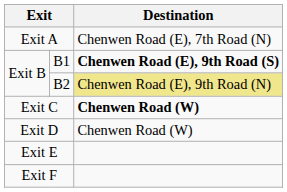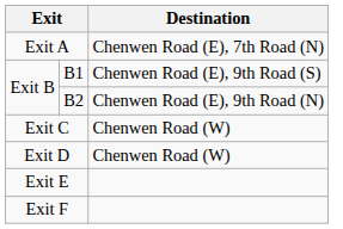 <table class="wikitable">
 <tr>
 <th style="width:70px" colspan="2">Exit</th>
 <th>Destination</th>
 </tr>
 <tr>
 <td align="center" colspan="2">Exit A</td>
 <td>Chenwen Road (E), 7th Road (N)</td>
 </tr>
 <tr>
 <td align="center" rowspan="2">Exit B</td>
 <td>B1</td>
-<td><strong>Chenwen Road (E), 9th Road (S)</strong></td>
+<td>Chenwen Road (E), 9th Road (S)</td>
 </tr>
 <tr>
 <td>B2</td>
-<td style="background: khaki;">Chenwen Road (E), 9th Road (N)</td>
+<td>Chenwen Road (E), 9th Road (N)</td>
 </tr>
 <tr>
 <td align="center" colspan="2">Exit C</td>
-<td><strong>Chenwen Road (W)</strong></td>
+<td>Chenwen Road (W)</td>
 </tr>
 <tr>
 <td align="center" colspan="2">Exit D</td>
 <td>Chenwen Road (W)</td>
 </tr>
 <tr>
 <td align="center" colspan="2">Exit E</td>
 <td></td>
 </tr>
 <tr>
 <td align="center" colspan="2">Exit F</td>
 <td></td>
 </tr>
 </table>
